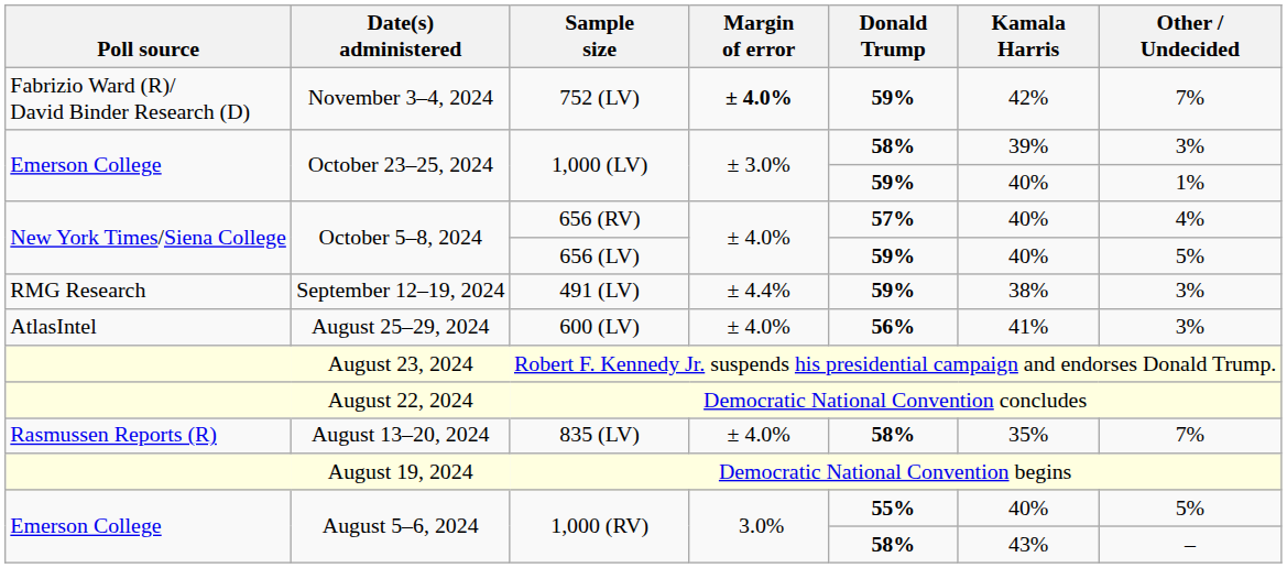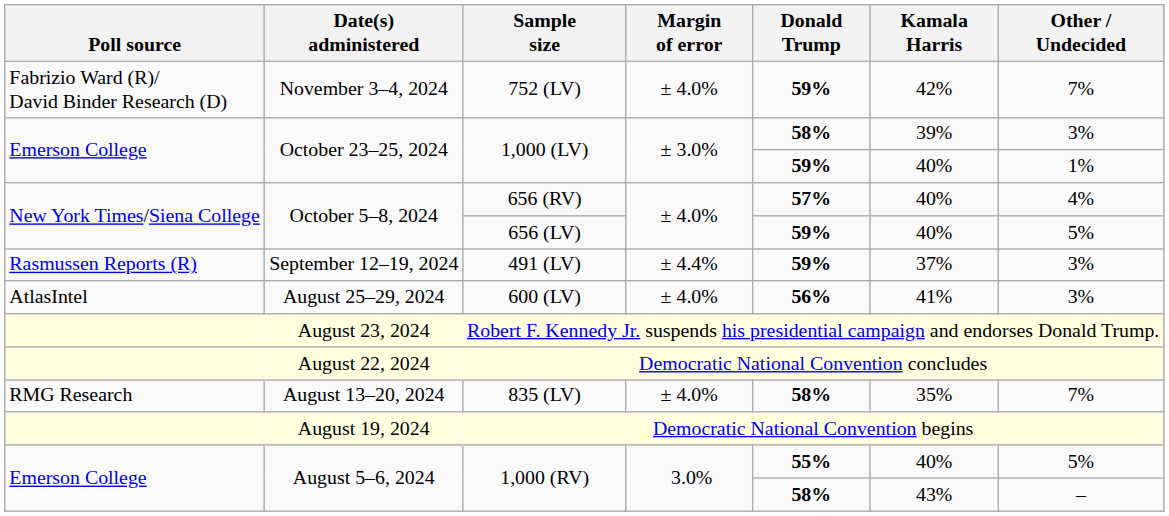 <table class="wikitable sortable mw-datatable" style="font-size:90%;text-align:center;line-height:17px">
 <tr valign=bottom>
 <th>Poll source</th>
 <th>Date(s)<br>administered</th>
 <th>Sample<br>size</th>
 <th>Margin<br>of error</th>
 <th class="unsortable">Donald<br>Trump<br></th>
 <th class="unsortable">Kamala<br>Harris<br></th>
 <th class="unsortable">Other /<br>Undecided</th>
 </tr>
 <tr>
 <td style="text-align:left">Fabrizio Ward (R)/<br>David Binder Research (D)</td>
 <td data-sort-value="2024-11-04">November 3–4, 2024</td>
 <td>752 (LV)</td>
-<td><strong>± 4.0%</strong></td>
+<td>± 4.0%</td>
 <td style="background-color:"><strong>59%</strong></td>
 <td>42%</td>
 <td>7%</td>
 </tr>
 <tr>
 <td style="text-align:left;" rowspan="2"><a href='#'>Emerson College</a></td>
 <td rowspan="2">October 23–25, 2024</td>
 <td rowspan="2">1,000 (LV)</td>
 <td rowspan="2">± 3.0%</td>
 <td style="background-color:"><strong>58%</strong></td>
 <td>39%</td>
 <td>3%</td>
 </tr>
 <tr>
 <td style="background-color:"><strong>59%</strong></td>
 <td>40%</td>
 <td>1%</td>
 </tr>
 <tr>
 <td style="text-align:left;" rowspan="2"><a href='#'>New York Times</a>/<a href='#'>Siena College</a></td>
 <td rowspan="2">October 5–8, 2024</td>
 <td>656 (RV)</td>
 <td rowspan="2">± 4.0%</td>
 <td style="background-color:"><strong>57%</strong></td>
 <td>40%</td>
 <td>4%</td>
 </tr>
 <tr>
 <td>656 (LV)</td>
 <td style="background-color:"><strong>59%</strong></td>
 <td>40%</td>
 <td>5%</td>
 </tr>
 <tr>
-<td style="text-align:left;">RMG Research</td>
+<td style="text-align:left;"><a href='#'>Rasmussen Reports (R)</a></td>
 <td data-sort-value="2024-09-19">September 12–19, 2024</td>
 <td>491 (LV)</td>
 <td>± 4.4%</td>
 <td style="background-color:"><strong>59%</strong></td>
-<td>38%</td>
+<td>37%</td>
 <td>3%</td>
 </tr>
 <tr>
 <td style="text-align:left;">AtlasIntel</td>
 <td>August 25–29, 2024</td>
 <td>600 (LV)</td>
 <td>± 4.0%</td>
 <td style="background-color:"><strong>56%</strong></td>
 <td>41%</td>
 <td>3%</td>
 </tr>
 <tr style="background:lightyellow;">
 <td style="border-right-style:hidden;"></td>
 <td style="border-right-style:hidden; " data-sort-value="2024-08-21">August 23, 2024</td>
 <td colspan="5"><a href='#'>Robert F. Kennedy Jr.</a> suspends <a href='#'>his presidential campaign</a> and endorses Donald Trump.</td>
 </tr>
 <tr style="background:lightyellow;">
 <td style="border-right-style:hidden;"></td>
 <td style="border-right-style:hidden; " data-sort-value="2024-08-22">August 22, 2024</td>
 <td colspan="5"><a href='#'>Democratic National Convention</a> concludes</td>
 </tr>
 <tr>
-<td style="text-align:left;"><a href='#'>Rasmussen Reports (R)</a></td>
+<td style="text-align:left;">RMG Research</td>
 <td data-sort-value="2024-08-20">August 13–20, 2024</td>
 <td>835 (LV)</td>
 <td>± 4.0%</td>
 <td style="background-color:"><strong>58%</strong></td>
 <td>35%</td>
 <td>7%</td>
 </tr>
 <tr style="background:lightyellow;">
 <td style="border-right-style:hidden;"></td>
 <td style="border-right-style:hidden; " data-sort-value="2024-08-19">August 19, 2024</td>
 <td colspan="5"><a href='#'>Democratic National Convention</a> begins</td>
 </tr>
 <tr>
 <td style="text-align:left;" rowspan="2"><a href='#'>Emerson College</a></td>
 <td rowspan="2">August 5–6, 2024</td>
 <td rowspan="2">1,000 (RV)</td>
 <td rowspan="2"> 3.0%</td>
 <td style="background-color:"><strong>55%</strong></td>
 <td>40%</td>
 <td>5%</td>
 </tr>
 <tr>
 <td style="background-color:"><strong>58%</strong></td>
 <td>43%</td>
 <td>–</td>
 </tr>
 </table>
